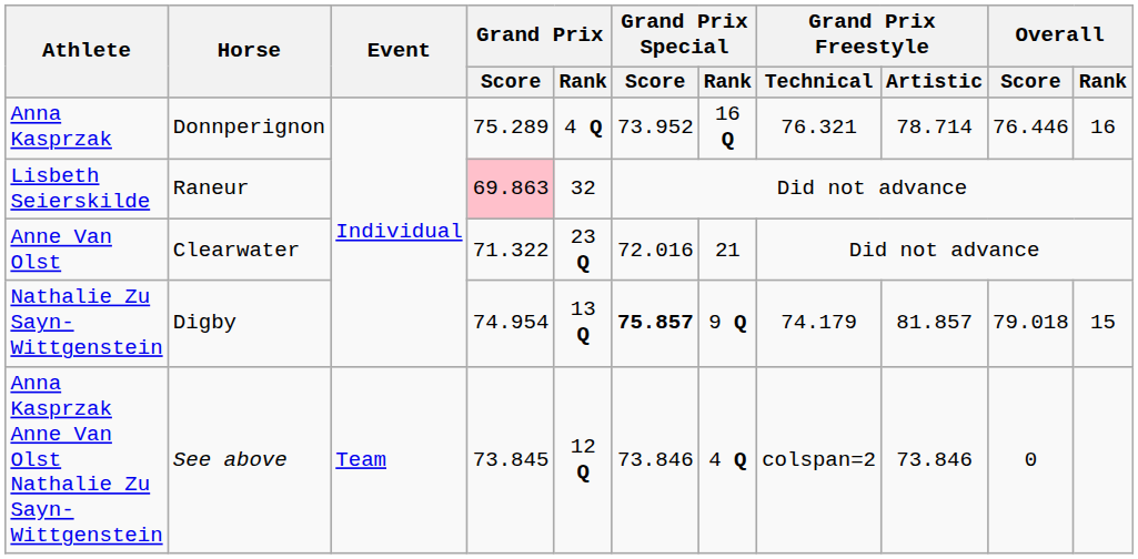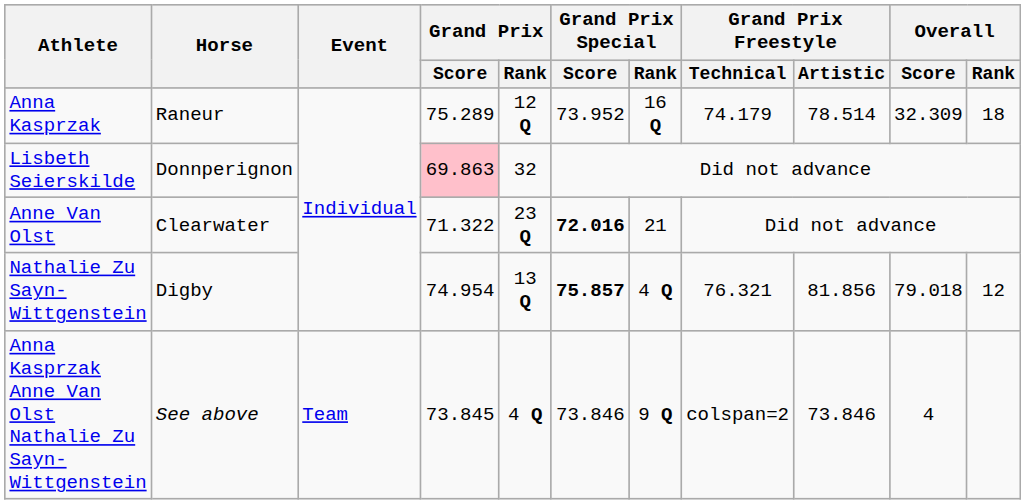 <table class=wikitable style="font-size:90%">
 <tr>
 <th rowspan="2">Athlete</th>
 <th rowspan="2">Horse</th>
 <th rowspan="2">Event</th>
 <th colspan="2">Grand Prix</th>
 <th colspan="2">Grand Prix Special</th>
 <th colspan="2">Grand Prix Freestyle</th>
 <th colspan="2">Overall</th>
 </tr>
 <tr style="font-size:95%">
 <th>Score</th>
 <th>Rank</th>
 <th>Score</th>
 <th>Rank</th>
 <th>Technical</th>
 <th>Artistic</th>
 <th>Score</th>
 <th>Rank</th>
 </tr>
 <tr align=center>
 <td align=left><a href='#'>Anna Kasprzak</a></td>
-<td align=left>Donnperignon</td>
+<td align=left>Raneur</td>
 <td rowspan=4 align=left><a href='#'>Individual</a></td>
 <td>75.289</td>
-<td>4 <strong>Q</strong></td>
+<td>12 <strong>Q</strong></td>
 <td>73.952</td>
 <td>16 <strong>Q</strong></td>
-<td>76.321</td>
-<td>78.714</td>
-<td>76.446</td>
-<td>16</td>
+<td>74.179</td>
+<td>78.514</td>
+<td>32.309</td>
+<td>18</td>
 </tr>
 <tr align=center>
 <td align=left><a href='#'>Lisbeth Seierskilde</a></td>
-<td align=left>Raneur</td>
+<td align=left>Donnperignon</td>
 <td style="background: pink;">69.863</td>
 <td>32</td>
 <td colspan=6>Did not advance</td>
 </tr>
 <tr align=center>
 <td align=left><a href='#'>Anne Van Olst</a></td>
 <td align=left>Clearwater</td>
 <td>71.322</td>
 <td>23 <strong>Q</strong></td>
-<td>72.016</td>
+<td><strong>72.016</strong></td>
 <td>21</td>
 <td colspan=4>Did not advance</td>
 </tr>
 <tr align=center>
 <td align=left><a href='#'>Nathalie Zu Sayn-Wittgenstein</a></td>
 <td align=left>Digby</td>
 <td>74.954</td>
 <td>13 <strong>Q</strong></td>
 <td><strong>75.857</strong></td>
-<td>9 <strong>Q</strong></td>
-<td>74.179</td>
-<td>81.857</td>
+<td>4 <strong>Q</strong></td>
+<td>76.321</td>
+<td>81.856</td>
 <td>79.018</td>
-<td>15</td>
+<td>12</td>
 </tr>
 <tr align=center>
 <td align=left><a href='#'>Anna Kasprzak</a><br><a href='#'>Anne Van Olst</a><br><a href='#'>Nathalie Zu Sayn-Wittgenstein</a></td>
 <td align=left><em>See above</em></td>
 <td align=left><a href='#'>Team</a></td>
 <td>73.845</td>
-<td>12 <strong>Q</strong></td>
+<td>4 <strong>Q</strong></td>
 <td>73.846</td>
-<td>4 <strong>Q</strong></td>
+<td>9 <strong>Q</strong></td>
 <td>colspan=2 </td>
 <td>73.846</td>
-<td>0</td>
+<td>4</td>
 </tr>
 </table>
